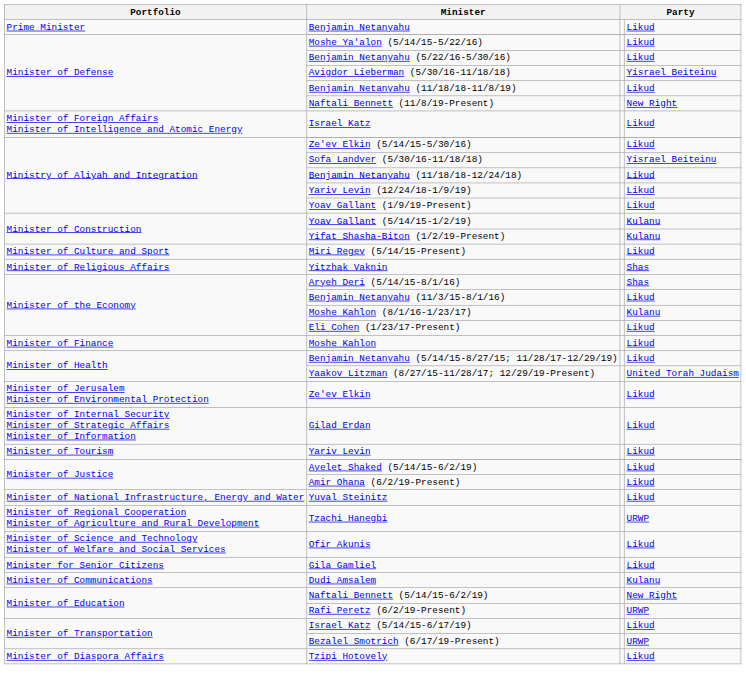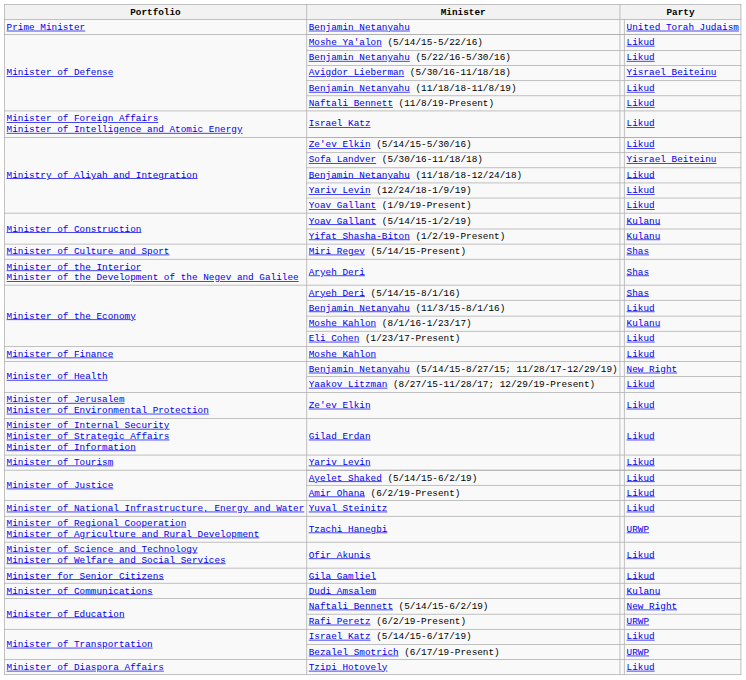 <table class="wikitable sortable">
 <tr>
 <th>Portfolio</th>
 <th>Minister</th>
 <th colspan=2>Party</th>
 </tr>
 <tr>
 <td><a href='#'>Prime Minister</a></td>
 <td><a href='#'>Benjamin Netanyahu</a></td>
 <td style="background:"></td>
-<td><a href='#'>Likud</a></td>
+<td><a href='#'>United Torah Judaism</a></td>
 </tr>
 <tr>
 <td rowspan=6><a href='#'>Minister of Defense</a></td>
 </tr>
 <tr>
 <td><a href='#'>Moshe Ya'alon</a> (5/14/15-5/22/16)</td>
 <td style="background:"></td>
 <td><a href='#'>Likud</a></td>
 </tr>
 <tr>
 <td><a href='#'>Benjamin Netanyahu</a> (5/22/16-5/30/16)</td>
 <td style="background:"></td>
 <td><a href='#'>Likud</a></td>
 </tr>
 <tr>
 <td><a href='#'>Avigdor Lieberman</a> (5/30/16-11/18/18)</td>
 <td style="background:"></td>
 <td><a href='#'>Yisrael Beiteinu</a></td>
 </tr>
 <tr>
 <td><a href='#'>Benjamin Netanyahu</a> (11/18/18-11/8/19)</td>
 <td style="background:"></td>
 <td><a href='#'>Likud</a></td>
 </tr>
 <tr>
 <td><a href='#'>Naftali Bennett</a> (11/8/19-Present)</td>
 <td style="background:"></td>
-<td><a href='#'>New Right</a></td>
+<td><a href='#'>Likud</a></td>
 </tr>
 <tr>
 <td><a href='#'>Minister of Foreign Affairs</a> <br><a href='#'>Minister of Intelligence and Atomic Energy</a></td>
 <td><a href='#'>Israel Katz</a></td>
 <td style="background:"></td>
 <td><a href='#'>Likud</a></td>
 </tr>
 <tr>
 <td rowspan=6><a href='#'>Ministry of Aliyah and Integration</a></td>
 </tr>
 <tr>
 <td><a href='#'>Ze'ev Elkin</a> (5/14/15-5/30/16)</td>
 <td style="background:"></td>
 <td><a href='#'>Likud</a></td>
 </tr>
 <tr>
 <td><a href='#'>Sofa Landver</a> (5/30/16-11/18/18)</td>
 <td style="background:"></td>
 <td><a href='#'>Yisrael Beiteinu</a></td>
 </tr>
 <tr>
 <td><a href='#'>Benjamin Netanyahu</a> (11/18/18-12/24/18)</td>
 <td style="background:"></td>
 <td><a href='#'>Likud</a></td>
 </tr>
 <tr>
 <td><a href='#'>Yariv Levin</a> (12/24/18-1/9/19)</td>
 <td style="background:"></td>
 <td><a href='#'>Likud</a></td>
 </tr>
 <tr>
 <td><a href='#'>Yoav Gallant</a> (1/9/19-Present)</td>
 <td style="background:"></td>
 <td><a href='#'>Likud</a></td>
 </tr>
 <tr>
 <td rowspan=2><a href='#'>Minister of Construction</a></td>
 <td><a href='#'>Yoav Gallant</a> (5/14/15-1/2/19)</td>
 <td style="background:"></td>
 <td><a href='#'>Kulanu</a></td>
 </tr>
 <tr>
 <td><a href='#'>Yifat Shasha-Biton</a> (1/2/19-Present)</td>
 <td style="background:"></td>
 <td><a href='#'>Kulanu</a></td>
 </tr>
 <tr>
 <td><a href='#'>Minister of Culture and Sport</a></td>
 <td><a href='#'>Miri Regev</a> (5/14/15-Present)</td>
 <td style="background:"></td>
-<td><a href='#'>Likud</a></td>
+<td><a href='#'>Shas</a></td>
 </tr>
 <tr>
-<td><a href='#'>Minister of Religious Affairs</a></td>
-<td><a href='#'>Yitzhak Vaknin</a></td>
+<td><a href='#'>Minister of the Interior</a><br><a href='#'>Minister of the Development of the Negev and Galilee</a></td>
+<td><a href='#'>Aryeh Deri</a></td>
 <td style="background:"></td>
 <td><a href='#'>Shas</a></td>
 </tr>
 <tr>
 <td rowspan=4><a href='#'>Minister of the Economy</a></td>
 <td><a href='#'>Aryeh Deri</a> (5/14/15-8/1/16)</td>
 <td style="background:"></td>
 <td><a href='#'>Shas</a></td>
 </tr>
 <tr>
 <td><a href='#'>Benjamin Netanyahu</a> (11/3/15-8/1/16)</td>
 <td style="background:"></td>
 <td><a href='#'>Likud</a></td>
 </tr>
 <tr>
 <td><a href='#'>Moshe Kahlon</a> (8/1/16-1/23/17)</td>
 <td style="background:"></td>
 <td><a href='#'>Kulanu</a></td>
 </tr>
 <tr>
 <td><a href='#'>Eli Cohen</a> (1/23/17-Present)</td>
 <td style="background:"></td>
 <td><a href='#'>Likud</a></td>
 </tr>
 <tr>
 <td><a href='#'>Minister of Finance</a></td>
 <td><a href='#'>Moshe Kahlon</a></td>
 <td style="background:"></td>
 <td><a href='#'>Likud</a></td>
 </tr>
 <tr>
 <td rowspan=2><a href='#'>Minister of Health</a></td>
 <td><a href='#'>Benjamin Netanyahu</a> (5/14/15-8/27/15; 11/28/17-12/29/19)</td>
 <td style="background:"></td>
-<td><a href='#'>Likud</a></td>
+<td><a href='#'>New Right</a></td>
 </tr>
 <tr>
 <td><a href='#'>Yaakov Litzman</a> (8/27/15-11/28/17; 12/29/19-Present)</td>
 <td style="background:"></td>
-<td><a href='#'>United Torah Judaism</a></td>
+<td><a href='#'>Likud</a></td>
 </tr>
 <tr>
 <td><a href='#'>Minister of Jerusalem</a><br><a href='#'>Minister of Environmental Protection</a></td>
 <td><a href='#'>Ze'ev Elkin</a></td>
 <td style="background:"></td>
 <td><a href='#'>Likud</a></td>
 </tr>
 <tr>
 <td><a href='#'>Minister of Internal Security</a><br><a href='#'>Minister of Strategic Affairs</a><br><a href='#'>Minister of Information</a></td>
 <td><a href='#'>Gilad Erdan</a></td>
 <td style="background:"></td>
 <td><a href='#'>Likud</a></td>
 </tr>
 <tr>
 <td><a href='#'>Minister of Tourism</a></td>
 <td><a href='#'>Yariv Levin</a></td>
 <td style="background:"></td>
 <td><a href='#'>Likud</a></td>
 </tr>
 <tr>
 <td rowspan=3><a href='#'>Minister of Justice</a></td>
 </tr>
 <tr>
 <td><a href='#'>Ayelet Shaked</a> (5/14/15-6/2/19)</td>
 <td style="background:"></td>
 <td><a href='#'>Likud</a></td>
 </tr>
 <tr>
 <td><a href='#'>Amir Ohana</a> (6/2/19-Present)</td>
 <td style="background:"></td>
 <td><a href='#'>Likud</a></td>
 </tr>
 <tr>
 <td><a href='#'>Minister of National Infrastructure, Energy and Water</a></td>
 <td><a href='#'>Yuval Steinitz</a></td>
 <td style="background:"></td>
 <td><a href='#'>Likud</a></td>
 </tr>
 <tr>
 <td><a href='#'>Minister of Regional Cooperation</a><br><a href='#'>Minister of Agriculture and Rural Development</a></td>
 <td><a href='#'>Tzachi Hanegbi</a></td>
 <td style="background:"></td>
 <td><a href='#'>URWP</a></td>
 </tr>
 <tr>
 <td><a href='#'>Minister of Science and Technology</a><br><a href='#'>Minister of Welfare and Social Services</a></td>
 <td><a href='#'>Ofir Akunis</a></td>
 <td style="background:"></td>
 <td><a href='#'>Likud</a></td>
 </tr>
 <tr>
 <td><a href='#'>Minister for Senior Citizens</a></td>
 <td><a href='#'>Gila Gamliel</a></td>
 <td style="background:"></td>
 <td><a href='#'>Likud</a></td>
 </tr>
 <tr>
 <td><a href='#'>Minister of Communications</a></td>
 <td><a href='#'>Dudi Amsalem</a></td>
 <td style="background:"></td>
 <td><a href='#'>Kulanu</a></td>
 </tr>
 <tr>
 <td rowspan=2><a href='#'>Minister of Education</a></td>
 <td><a href='#'>Naftali Bennett</a> (5/14/15-6/2/19)</td>
 <td style="background:"></td>
 <td><a href='#'>New Right</a></td>
 </tr>
 <tr>
 <td><a href='#'>Rafi Peretz</a> (6/2/19-Present)</td>
 <td style="background: "></td>
 <td><a href='#'>URWP</a></td>
 </tr>
 <tr>
 <td rowspan=2><a href='#'>Minister of Transportation</a></td>
 <td><a href='#'>Israel Katz</a> (5/14/15-6/17/19)</td>
 <td style="background:"></td>
 <td><a href='#'>Likud</a></td>
 </tr>
 <tr>
 <td><a href='#'>Bezalel Smotrich</a> (6/17/19-Present)</td>
 <td style="background: "></td>
 <td><a href='#'>URWP</a></td>
 </tr>
 <tr>
 <td><a href='#'>Minister of Diaspora Affairs</a></td>
 <td><a href='#'>Tzipi Hotovely</a></td>
 <td style="background:"></td>
 <td><a href='#'>Likud</a></td>
 </tr>
 </table>
